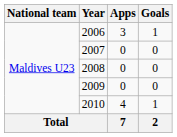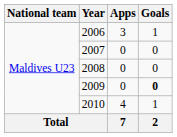 <table class="wikitable" style="text-align:center">
 <tr>
 <th>National team</th>
 <th>Year</th>
 <th>Apps</th>
 <th>Goals</th>
 </tr>
 <tr>
 <td rowspan="5"><a href='#'>Maldives U23</a></td>
 <td>2006</td>
 <td>3</td>
 <td>1</td>
 </tr>
 <tr>
 <td>2007</td>
 <td>0</td>
 <td>0</td>
 </tr>
 <tr>
 <td>2008</td>
 <td>0</td>
 <td>0</td>
 </tr>
 <tr>
 <td>2009</td>
 <td>0</td>
-<td>0</td>
+<td><strong>0</strong></td>
 </tr>
 <tr>
 <td>2010</td>
 <td>4</td>
 <td>1</td>
 </tr>
 <tr>
 <th colspan="2">Total</th>
 <th>7</th>
 <th>2</th>
 </tr>
 </table>
